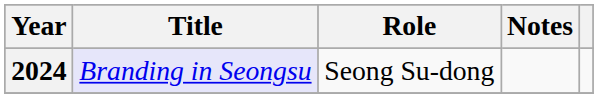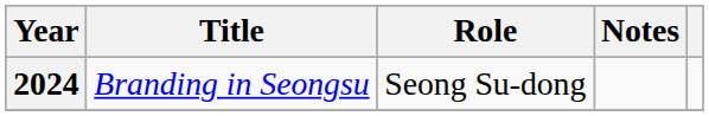 <table class="wikitable plainrowheaders sortable">
 <tr>
 <th scope="col">Year</th>
 <th scope="col">Title</th>
 <th scope="col">Role</th>
 <th scope="col" class="unsortable">Notes</th>
 <th scope="col" class="unsortable"></th>
 </tr>
 <tr>
 <th scope="row">2024</th>
-<td style="background: lavender;"><em><a href='#'>Branding in Seongsu</a></em></td>
+<td><em><a href='#'>Branding in Seongsu</a></em></td>
 <td>Seong Su-dong</td>
 <td></td>
 <td style="text-align:center"></td>
 </tr>
 <tr>
 </tr>
 </table>
